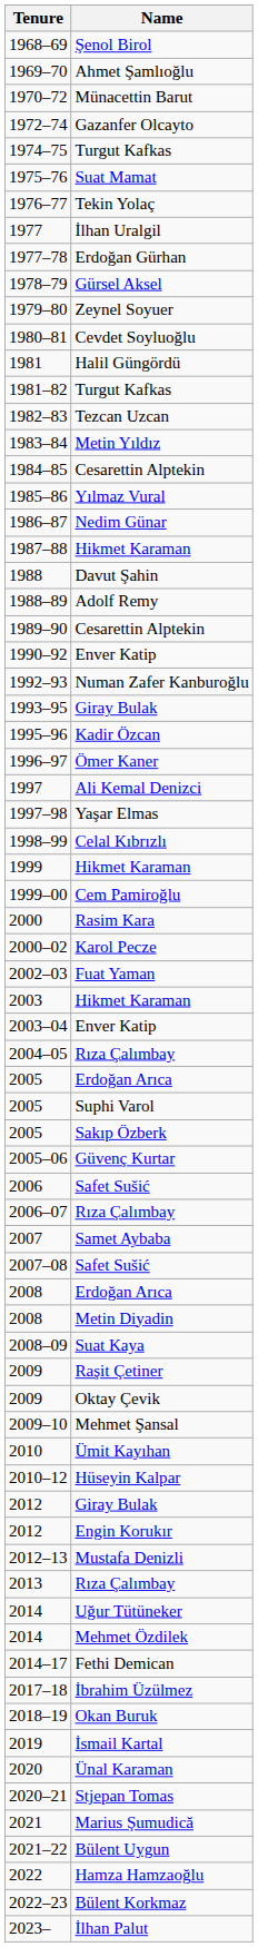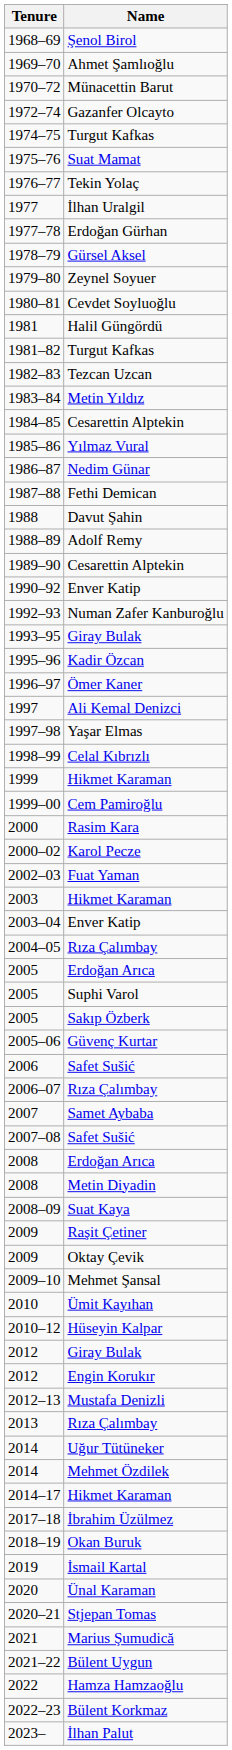 <table class="wikitable sortable">
 <tr>
 <th>Tenure</th>
 <th>Name</th>
 </tr>
 <tr>
 <td>1968–69</td>
 <td> <a href='#'>Şenol Birol</a></td>
 </tr>
 <tr>
 <td>1969–70</td>
 <td> Ahmet Şamlıoğlu</td>
 </tr>
 <tr>
 <td>1970–72</td>
 <td> Münacettin Barut</td>
 </tr>
 <tr>
 <td>1972–74</td>
 <td> Gazanfer Olcayto</td>
 </tr>
 <tr>
 <td>1974–75</td>
 <td> Turgut Kafkas</td>
 </tr>
 <tr>
 <td>1975–76</td>
 <td> <a href='#'>Suat Mamat</a></td>
 </tr>
 <tr>
 <td>1976–77</td>
 <td> Tekin Yolaç</td>
 </tr>
 <tr>
 <td>1977</td>
 <td> İlhan Uralgil</td>
 </tr>
 <tr>
 <td>1977–78</td>
 <td> Erdoğan Gürhan</td>
 </tr>
 <tr>
 <td>1978–79</td>
 <td> <a href='#'>Gürsel Aksel</a></td>
 </tr>
 <tr>
 <td>1979–80</td>
 <td> Zeynel Soyuer</td>
 </tr>
 <tr>
 <td>1980–81</td>
 <td> Cevdet Soyluoğlu</td>
 </tr>
 <tr>
 <td>1981</td>
 <td> Halil Güngördü</td>
 </tr>
 <tr>
 <td>1981–82</td>
 <td> Turgut Kafkas</td>
 </tr>
 <tr>
 <td>1982–83</td>
 <td> Tezcan Uzcan</td>
 </tr>
 <tr>
 <td>1983–84</td>
 <td> <a href='#'>Metin Yıldız</a></td>
 </tr>
 <tr>
 <td>1984–85</td>
 <td> Cesarettin Alptekin</td>
 </tr>
 <tr>
 <td>1985–86</td>
 <td> <a href='#'>Yılmaz Vural</a></td>
 </tr>
 <tr>
 <td>1986–87</td>
 <td> <a href='#'>Nedim Günar</a></td>
 </tr>
 <tr>
 <td>1987–88</td>
-<td> <a href='#'>Hikmet Karaman</a></td>
+<td> Fethi Demican</td>
 </tr>
 <tr>
 <td>1988</td>
 <td> Davut Şahin</td>
 </tr>
 <tr>
 <td>1988–89</td>
 <td> Adolf Remy</td>
 </tr>
 <tr>
 <td>1989–90</td>
 <td> Cesarettin Alptekin</td>
 </tr>
 <tr>
 <td>1990–92</td>
 <td> Enver Katip</td>
 </tr>
 <tr>
 <td>1992–93</td>
 <td> Numan Zafer Kanburoğlu</td>
 </tr>
 <tr>
 <td>1993–95</td>
 <td> <a href='#'>Giray Bulak</a></td>
 </tr>
 <tr>
 <td>1995–96</td>
 <td> <a href='#'>Kadir Özcan</a></td>
 </tr>
 <tr>
 <td>1996–97</td>
 <td> <a href='#'>Ömer Kaner</a></td>
 </tr>
 <tr>
 <td>1997</td>
 <td> <a href='#'>Ali Kemal Denizci</a></td>
 </tr>
 <tr>
 <td>1997–98</td>
 <td> Yaşar Elmas</td>
 </tr>
 <tr>
 <td>1998–99</td>
 <td> <a href='#'>Celal Kıbrızlı</a></td>
 </tr>
 <tr>
 <td>1999</td>
 <td> <a href='#'>Hikmet Karaman</a></td>
 </tr>
 <tr>
 <td>1999–00</td>
 <td> <a href='#'>Cem Pamiroğlu</a></td>
 </tr>
 <tr>
 <td>2000</td>
 <td> <a href='#'>Rasim Kara</a></td>
 </tr>
 <tr>
 <td>2000–02</td>
 <td> <a href='#'>Karol Pecze</a></td>
 </tr>
 <tr>
 <td>2002–03</td>
 <td> <a href='#'>Fuat Yaman</a></td>
 </tr>
 <tr>
 <td>2003</td>
 <td> <a href='#'>Hikmet Karaman</a></td>
 </tr>
 <tr>
 <td>2003–04</td>
 <td> Enver Katip</td>
 </tr>
 <tr>
 <td>2004–05</td>
 <td> <a href='#'>Rıza Çalımbay</a></td>
 </tr>
 <tr>
 <td>2005</td>
 <td> <a href='#'>Erdoğan Arıca</a></td>
 </tr>
 <tr>
 <td>2005</td>
 <td> Suphi Varol</td>
 </tr>
 <tr>
 <td>2005</td>
 <td> <a href='#'>Sakıp Özberk</a></td>
 </tr>
 <tr>
 <td>2005–06</td>
 <td> <a href='#'>Güvenç Kurtar</a></td>
 </tr>
 <tr>
 <td>2006</td>
 <td> <a href='#'>Safet Sušić</a></td>
 </tr>
 <tr>
 <td>2006–07</td>
 <td> <a href='#'>Rıza Çalımbay</a></td>
 </tr>
 <tr>
 <td>2007</td>
 <td> <a href='#'>Samet Aybaba</a></td>
 </tr>
 <tr>
 <td>2007–08</td>
 <td> <a href='#'>Safet Sušić</a></td>
 </tr>
 <tr>
 <td>2008</td>
 <td> <a href='#'>Erdoğan Arıca</a></td>
 </tr>
 <tr>
 <td>2008</td>
 <td> <a href='#'>Metin Diyadin</a></td>
 </tr>
 <tr>
 <td>2008–09</td>
 <td> <a href='#'>Suat Kaya</a></td>
 </tr>
 <tr>
 <td>2009</td>
 <td> <a href='#'>Raşit Çetiner</a></td>
 </tr>
 <tr>
 <td>2009</td>
 <td> Oktay Çevik</td>
 </tr>
 <tr>
 <td>2009–10</td>
 <td> Mehmet Şansal</td>
 </tr>
 <tr>
 <td>2010</td>
 <td> <a href='#'>Ümit Kayıhan</a></td>
 </tr>
 <tr>
 <td>2010–12</td>
 <td> <a href='#'>Hüseyin Kalpar</a></td>
 </tr>
 <tr>
 <td>2012</td>
 <td> <a href='#'>Giray Bulak</a></td>
 </tr>
 <tr>
 <td>2012</td>
 <td> <a href='#'>Engin Korukır</a></td>
 </tr>
 <tr>
 <td>2012–13</td>
 <td> <a href='#'>Mustafa Denizli</a></td>
 </tr>
 <tr>
 <td>2013</td>
 <td> <a href='#'>Rıza Çalımbay</a></td>
 </tr>
 <tr>
 <td>2014</td>
 <td> <a href='#'>Uğur Tütüneker</a></td>
 </tr>
 <tr>
 <td>2014</td>
 <td> <a href='#'>Mehmet Özdilek</a></td>
 </tr>
 <tr>
 <td>2014–17</td>
-<td> Fethi Demican</td>
+<td> <a href='#'>Hikmet Karaman</a></td>
 </tr>
 <tr>
 <td>2017–18</td>
 <td> <a href='#'>İbrahim Üzülmez</a></td>
 </tr>
 <tr>
 <td>2018–19</td>
 <td> <a href='#'>Okan Buruk</a></td>
 </tr>
 <tr>
 <td>2019</td>
 <td> <a href='#'>İsmail Kartal</a></td>
 </tr>
 <tr>
 <td>2020</td>
 <td> <a href='#'>Ünal Karaman</a></td>
 </tr>
 <tr>
 <td>2020–21</td>
 <td> <a href='#'>Stjepan Tomas</a></td>
 </tr>
 <tr>
 <td>2021</td>
 <td> <a href='#'>Marius Şumudică</a></td>
 </tr>
 <tr>
 <td>2021–22</td>
 <td> <a href='#'>Bülent Uygun</a></td>
 </tr>
 <tr>
 <td>2022</td>
 <td> <a href='#'>Hamza Hamzaoğlu</a></td>
 </tr>
 <tr>
 <td>2022–23</td>
 <td> <a href='#'>Bülent Korkmaz</a></td>
 </tr>
 <tr>
 <td>2023–</td>
 <td> <a href='#'>İlhan Palut</a></td>
 </tr>
 </table>
